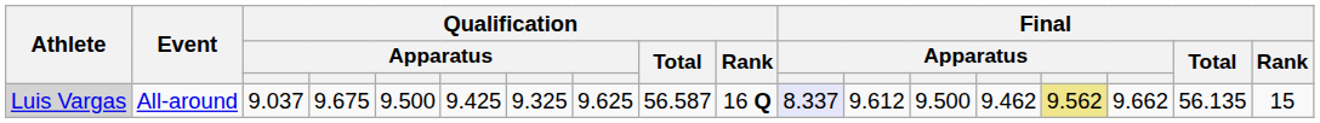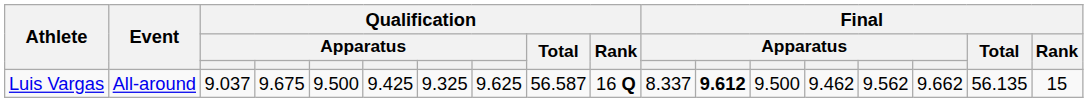 <table class="wikitable" style="font-size:90%">
 <tr>
 <th rowspan=3>Athlete</th>
 <th rowspan=3>Event</th>
 <th colspan =8>Qualification</th>
 <th colspan =8>Final</th>
 </tr>
 <tr style="font-size:95%">
 <th colspan=6>Apparatus</th>
 <th rowspan=2>Total</th>
 <th rowspan=2>Rank</th>
 <th colspan=6>Apparatus</th>
 <th rowspan=2>Total</th>
 <th rowspan=2>Rank</th>
 </tr>
 <tr style="font-size:95%">
 <th></th>
 <th></th>
 <th></th>
 <th></th>
 <th></th>
 <th></th>
 <th></th>
 <th></th>
 <th></th>
 <th></th>
 <th></th>
 <th></th>
 </tr>
 <tr align=center>
-<td align=left style="background: lightgrey;"><a href='#'>Luis Vargas</a></td>
+<td align=left><a href='#'>Luis Vargas</a></td>
 <td align=left><a href='#'>All-around</a></td>
 <td>9.037</td>
 <td>9.675</td>
 <td>9.500</td>
 <td>9.425</td>
 <td>9.325</td>
 <td>9.625</td>
 <td>56.587</td>
 <td>16 <strong>Q</strong></td>
-<td style="background: lavender;">8.337</td>
-<td>9.612</td>
+<td>8.337</td>
+<td><strong>9.612</strong></td>
 <td>9.500</td>
 <td>9.462</td>
-<td style="background: khaki;">9.562</td>
+<td>9.562</td>
 <td>9.662</td>
 <td>56.135</td>
 <td>15</td>
 </tr>
 </table>
